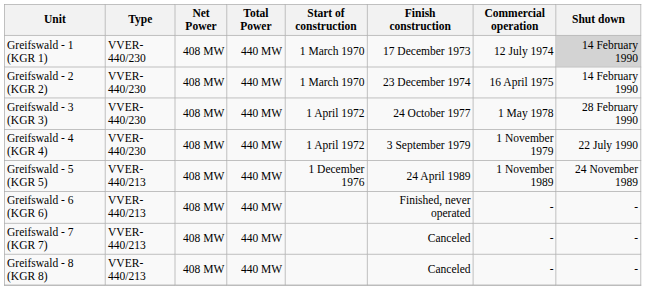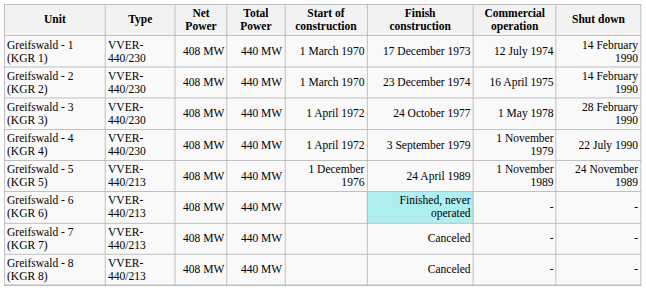 <table class="wikitable" style="width:70%;">
 <tr>
 <th>Unit</th>
 <th>Type</th>
 <th>Net Power</th>
 <th>Total Power</th>
 <th>Start of<br>construction</th>
 <th>Finish<br>construction</th>
 <th>Commercial<br>operation</th>
 <th>Shut down</th>
 </tr>
 <tr>
 <td>Greifswald - 1 (KGR 1)</td>
 <td>VVER-440/230</td>
 <td align="right">408 MW</td>
 <td align="right">440 MW</td>
 <td align="right">1 March 1970</td>
 <td align="right">17 December 1973</td>
 <td align="right">12 July 1974</td>
-<td align="right" style="background: lightgrey;">14 February 1990</td>
+<td align="right">14 February 1990</td>
 </tr>
 <tr>
 <td>Greifswald - 2 (KGR 2)</td>
 <td>VVER-440/230</td>
 <td align="right">408 MW</td>
 <td align="right">440 MW</td>
 <td align="right">1 March 1970</td>
 <td align="right">23 December 1974</td>
 <td align="right">16 April 1975</td>
 <td align="right">14 February 1990</td>
 </tr>
 <tr>
 <td>Greifswald - 3 (KGR 3)</td>
 <td>VVER-440/230</td>
 <td align="right">408 MW</td>
 <td align="right">440 MW</td>
 <td align="right">1 April 1972</td>
 <td align="right">24 October 1977</td>
 <td align="right">1 May 1978</td>
 <td align="right">28 February 1990</td>
 </tr>
 <tr>
 <td>Greifswald - 4 (KGR 4)</td>
 <td>VVER-440/230</td>
 <td align="right">408 MW</td>
 <td align="right">440 MW</td>
 <td align="right">1 April 1972</td>
 <td align="right">3 September 1979</td>
 <td align="right">1 November 1979</td>
 <td align="right">22 July 1990</td>
 </tr>
 <tr>
 <td>Greifswald - 5 (KGR 5)</td>
 <td>VVER-440/213</td>
 <td align="right">408 MW</td>
 <td align="right">440 MW</td>
 <td align="right">1 December 1976</td>
 <td align="right">24 April 1989</td>
 <td align="right">1 November 1989</td>
 <td align="right">24 November 1989</td>
 </tr>
 <tr>
 <td>Greifswald - 6 (KGR 6)</td>
 <td>VVER-440/213</td>
 <td align="right">408 MW</td>
 <td align="right">440 MW</td>
 <td align="right"></td>
-<td align="right">Finished, never operated</td>
+<td align="right" style="background: paleturquoise;">Finished, never operated</td>
 <td align="right">-</td>
 <td align="right">-</td>
 </tr>
 <tr>
 <td>Greifswald - 7 (KGR 7)</td>
 <td>VVER-440/213</td>
 <td align="right">408 MW</td>
 <td align="right">440 MW</td>
 <td align="right"></td>
 <td align="right">Canceled</td>
 <td align="right">-</td>
 <td align="right">-</td>
 </tr>
 <tr>
 <td>Greifswald - 8 (KGR 8)</td>
 <td>VVER-440/213</td>
 <td align="right">408 MW</td>
 <td align="right">440 MW</td>
 <td align="right"></td>
 <td align="right">Canceled</td>
 <td align="right">-</td>
 <td align="right">-</td>
 </tr>
 <tr>
 </tr>
 </table>
